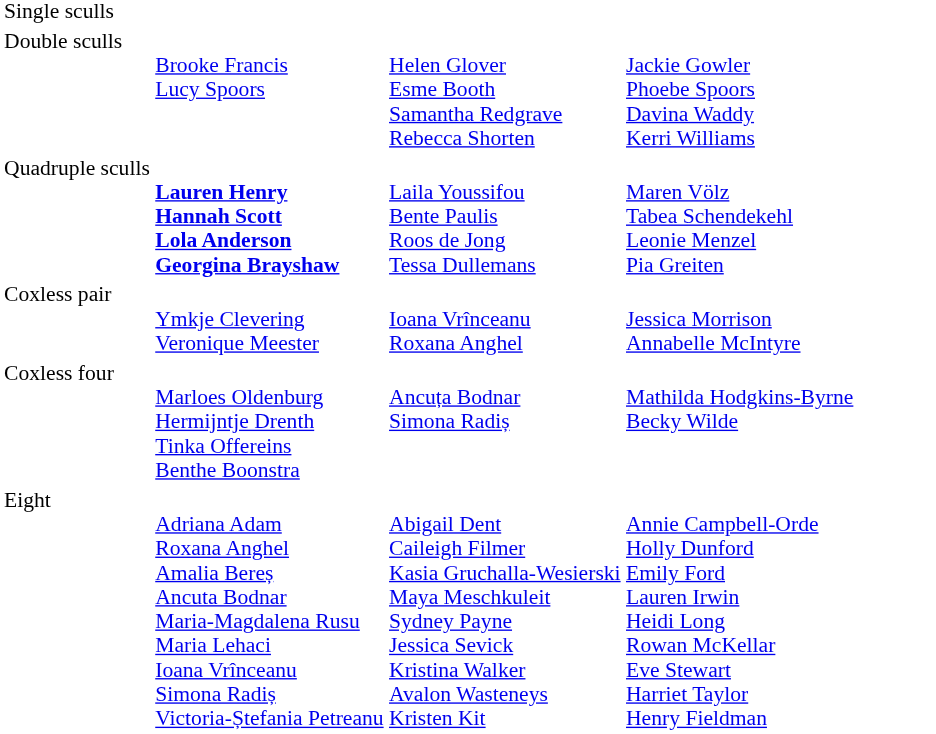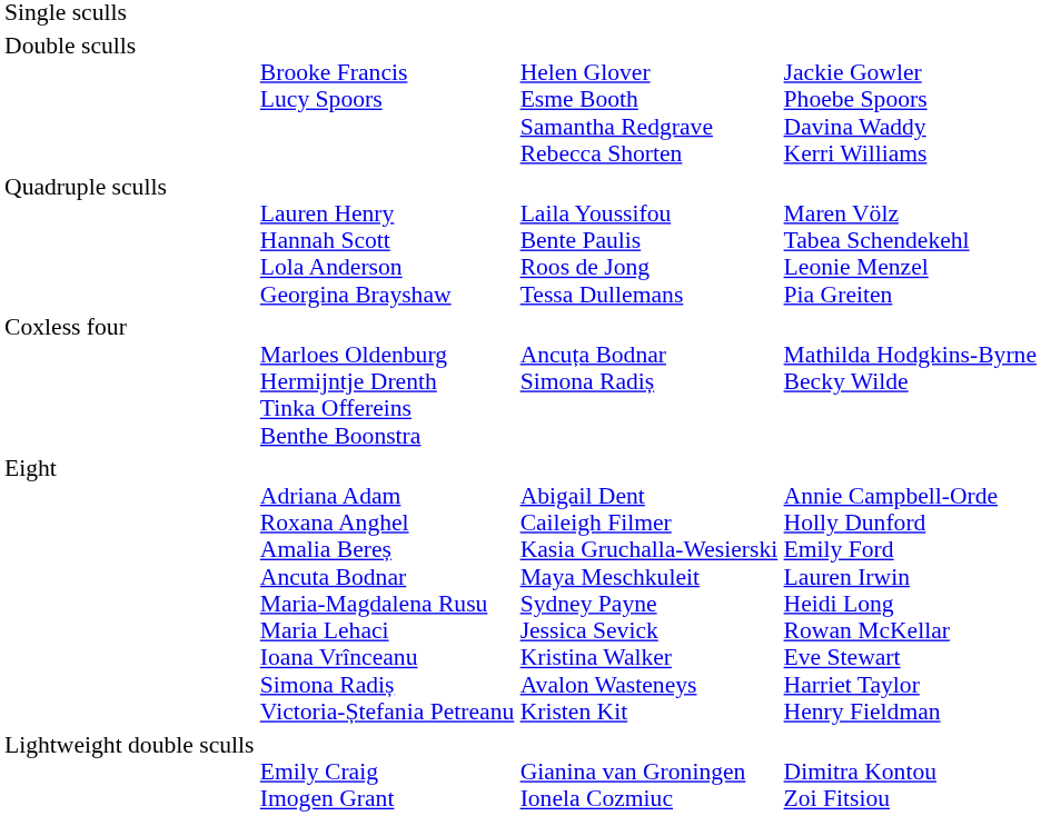 <table>
 <tr valign="top">
 <td>Single sculls<br></td>
 <td></td>
 <td></td>
 <td></td>
 </tr>
 <tr valign="top">
 <td>Double sculls<br></td>
 <td><br><a href='#'>Brooke Francis</a><br><a href='#'>Lucy Spoors</a></td>
 <td><br><a href='#'>Helen Glover</a><br><a href='#'>Esme Booth</a><br><a href='#'>Samantha Redgrave</a><br><a href='#'>Rebecca Shorten</a></td>
 <td><br><a href='#'>Jackie Gowler</a><br><a href='#'>Phoebe Spoors</a><br><a href='#'>Davina Waddy</a><br><a href='#'>Kerri Williams</a></td>
 </tr>
 <tr valign="top">
 <td>Quadruple sculls <br></td>
-<td><strong><br><a href='#'>Lauren Henry</a><br><a href='#'>Hannah Scott</a><br><a href='#'>Lola Anderson</a><br><a href='#'>Georgina Brayshaw</a></strong></td>
+<td><br><a href='#'>Lauren Henry</a><br><a href='#'>Hannah Scott</a><br><a href='#'>Lola Anderson</a><br><a href='#'>Georgina Brayshaw</a></td>
 <td><br><a href='#'>Laila Youssifou</a><br><a href='#'>Bente Paulis</a><br><a href='#'>Roos de Jong</a><br><a href='#'>Tessa Dullemans</a></td>
 <td><br><a href='#'>Maren Völz</a><br><a href='#'>Tabea Schendekehl</a><br><a href='#'>Leonie Menzel</a><br><a href='#'>Pia Greiten</a></td>
-</tr>
-<tr valign="top">
-<td>Coxless pair<br></td>
-<td><br><a href='#'>Ymkje Clevering</a><br><a href='#'>Veronique Meester</a></td>
-<td><br><a href='#'>Ioana Vrînceanu</a><br><a href='#'>Roxana Anghel</a></td>
-<td><br><a href='#'>Jessica Morrison</a><br><a href='#'>Annabelle McIntyre</a></td>
 </tr>
 <tr valign="top">
 <td>Coxless four<br></td>
 <td><br><a href='#'>Marloes Oldenburg</a><br><a href='#'>Hermijntje Drenth</a><br><a href='#'>Tinka Offereins</a><br><a href='#'>Benthe Boonstra</a></td>
 <td><br><a href='#'>Ancuța Bodnar</a><br><a href='#'>Simona Radiș</a></td>
 <td><br><a href='#'>Mathilda Hodgkins-Byrne</a><br><a href='#'>Becky Wilde</a></td>
 </tr>
 <tr valign="top">
 <td>Eight<br></td>
 <td><br><a href='#'>Adriana Adam</a><br><a href='#'>Roxana Anghel</a><br><a href='#'>Amalia Bereș</a><br><a href='#'>Ancuta Bodnar</a><br><a href='#'>Maria-Magdalena Rusu</a><br><a href='#'>Maria Lehaci</a><br><a href='#'>Ioana Vrînceanu</a><br><a href='#'>Simona Radiș</a><br><a href='#'>Victoria-Ștefania Petreanu</a> </td>
 <td><br><a href='#'>Abigail Dent</a><br><a href='#'>Caileigh Filmer</a><br><a href='#'>Kasia Gruchalla-Wesierski</a><br><a href='#'>Maya Meschkuleit</a><br><a href='#'>Sydney Payne</a><br><a href='#'>Jessica Sevick</a><br><a href='#'>Kristina Walker</a><br><a href='#'>Avalon Wasteneys</a><br><a href='#'>Kristen Kit</a> </td>
 <td><br><a href='#'>Annie Campbell-Orde</a><br><a href='#'>Holly Dunford</a><br><a href='#'>Emily Ford</a><br><a href='#'>Lauren Irwin</a><br><a href='#'>Heidi Long</a><br><a href='#'>Rowan McKellar</a><br><a href='#'>Eve Stewart</a><br><a href='#'>Harriet Taylor</a><br><a href='#'>Henry Fieldman</a> </td>
 </tr>
+<tr valign="top">
+<td>Lightweight double sculls<br></td>
+<td><br><a href='#'>Emily Craig</a><br><a href='#'>Imogen Grant</a></td>
+<td><br><a href='#'>Gianina van Groningen</a><br><a href='#'>Ionela Cozmiuc</a></td>
+<td><br><a href='#'>Dimitra Kontou</a><br><a href='#'>Zoi Fitsiou</a></td>
+</tr>
 </table>
